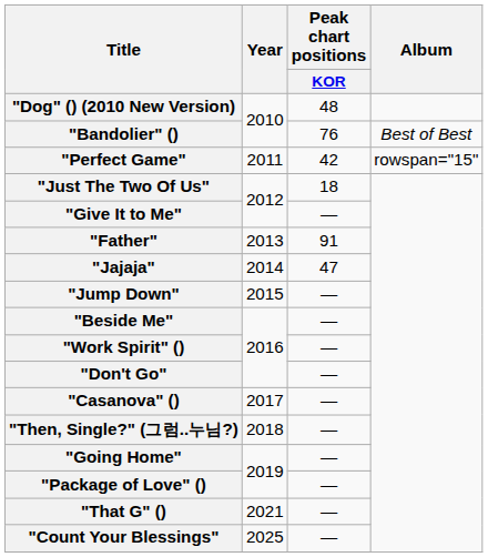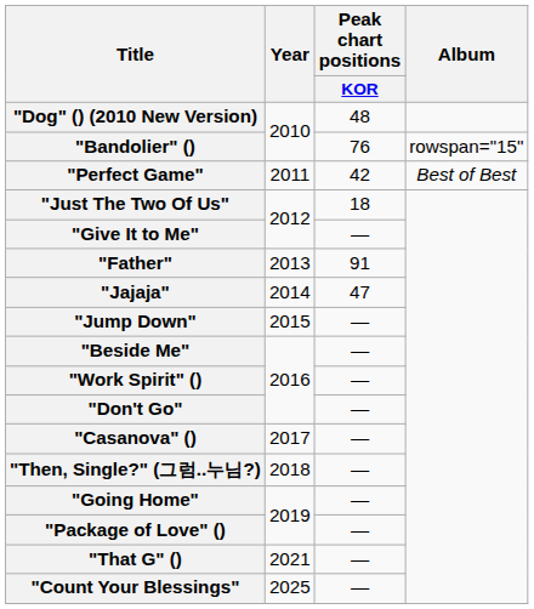 <table class="wikitable plainrowheaders" style="text-align:center;">
 <tr>
 <th rowspan="2" scope="col">Title</th>
 <th rowspan="2" scope="col">Year</th>
 <th scope="col">Peak chart positions</th>
 <th rowspan="2">Album</th>
 </tr>
 <tr>
 <th scope="col" style="width:2.5em;font-size:90%;"><a href='#'>KOR</a><br></th>
 </tr>
 <tr>
 <th scope="row">"Dog" () (2010 New Version)</th>
 <td rowspan="2">2010</td>
 <td>48</td>
 <td></td>
 </tr>
 <tr>
 <th scope="row">"Bandolier" ()</th>
 <td>76</td>
-<td><em>Best of Best</em></td>
+<td>rowspan="15" </td>
 </tr>
 <tr>
 <th scope="row">"Perfect Game" </th>
 <td>2011</td>
 <td>42</td>
-<td>rowspan="15" </td>
+<td><em>Best of Best</em></td>
 </tr>
 <tr>
 <th scope="row">"Just The Two Of Us" </th>
 <td rowspan="2">2012</td>
 <td>18</td>
 </tr>
 <tr>
 <th scope="row">"Give It to Me" </th>
 <td>—</td>
 </tr>
 <tr>
 <th scope="row">"Father"</th>
 <td>2013</td>
 <td>91</td>
 </tr>
 <tr>
 <th scope="row">"Jajaja" </th>
 <td>2014</td>
 <td>47</td>
 </tr>
 <tr>
 <th scope="row">"Jump Down" </th>
 <td>2015</td>
 <td>—</td>
 </tr>
 <tr>
 <th scope="row">"Beside Me" </th>
 <td rowspan="3">2016</td>
 <td>—</td>
 </tr>
 <tr>
 <th scope="row">"Work Spirit" () </th>
 <td>—</td>
 </tr>
 <tr>
 <th scope="row">"Don't Go" </th>
 <td>—</td>
 </tr>
 <tr>
 <th scope="row">"Casanova" () </th>
 <td>2017</td>
 <td>—</td>
 </tr>
 <tr>
 <th scope="row">"Then, Single?" (그럼..누님?) </th>
 <td>2018</td>
 <td>—</td>
 </tr>
 <tr>
 <th scope="row">"Going Home"</th>
 <td rowspan="2">2019</td>
 <td>—</td>
 </tr>
 <tr>
 <th scope="row">"Package of Love" ()</th>
 <td>—</td>
 </tr>
 <tr>
 <th scope="row">"That G" ()</th>
 <td>2021</td>
 <td>—</td>
 </tr>
 <tr>
 <th scope="row">"Count Your Blessings" </th>
 <td>2025</td>
 <td>—</td>
 </tr>
 <tr>
 </tr>
 </table>
